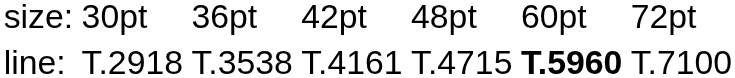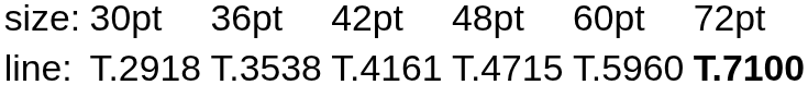 <table style="margin-left:40px;">
 <tr>
 <td>size:</td>
 <td>30pt</td>
 <td>36pt</td>
 <td>42pt</td>
 <td>48pt</td>
 <td>60pt</td>
 <td>72pt</td>
 </tr>
 <tr>
 <td>line:</td>
 <td>T.2918</td>
 <td>T.3538</td>
 <td>T.4161</td>
 <td>T.4715</td>
-<td><strong>T.5960</strong></td>
-<td>T.7100</td>
+<td>T.5960</td>
+<td><strong>T.7100</strong></td>
 </tr>
 </table>
